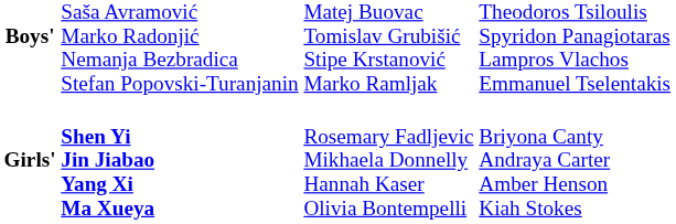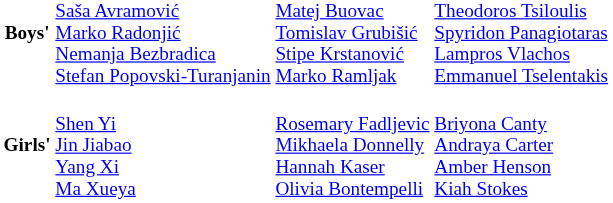 <table>
 <tr>
 <th scope="row">Boys' <br></th>
 <td><br><a href='#'>Saša Avramović</a><br><a href='#'>Marko Radonjić</a><br><a href='#'>Nemanja Bezbradica</a><br><a href='#'>Stefan Popovski-Turanjanin</a></td>
 <td><br><a href='#'>Matej Buovac</a><br><a href='#'>Tomislav Grubišić</a><br><a href='#'>Stipe Krstanović</a><br><a href='#'>Marko Ramljak</a></td>
 <td><br><a href='#'>Theodoros Tsiloulis</a><br><a href='#'>Spyridon Panagiotaras</a><br><a href='#'>Lampros Vlachos</a><br><a href='#'>Emmanuel Tselentakis</a></td>
 </tr>
 <tr>
 <th scope="row">Girls' <br></th>
-<td><strong><br><a href='#'>Shen Yi</a><br><a href='#'>Jin Jiabao</a><br><a href='#'>Yang Xi</a><br><a href='#'>Ma Xueya</a></strong></td>
+<td><br><a href='#'>Shen Yi</a><br><a href='#'>Jin Jiabao</a><br><a href='#'>Yang Xi</a><br><a href='#'>Ma Xueya</a></td>
 <td><br><a href='#'>Rosemary Fadljevic</a><br><a href='#'>Mikhaela Donnelly</a><br><a href='#'>Hannah Kaser</a><br><a href='#'>Olivia Bontempelli</a></td>
 <td><br><a href='#'>Briyona Canty</a><br><a href='#'>Andraya Carter</a><br><a href='#'>Amber Henson</a><br><a href='#'>Kiah Stokes</a></td>
 </tr>
 </table>
